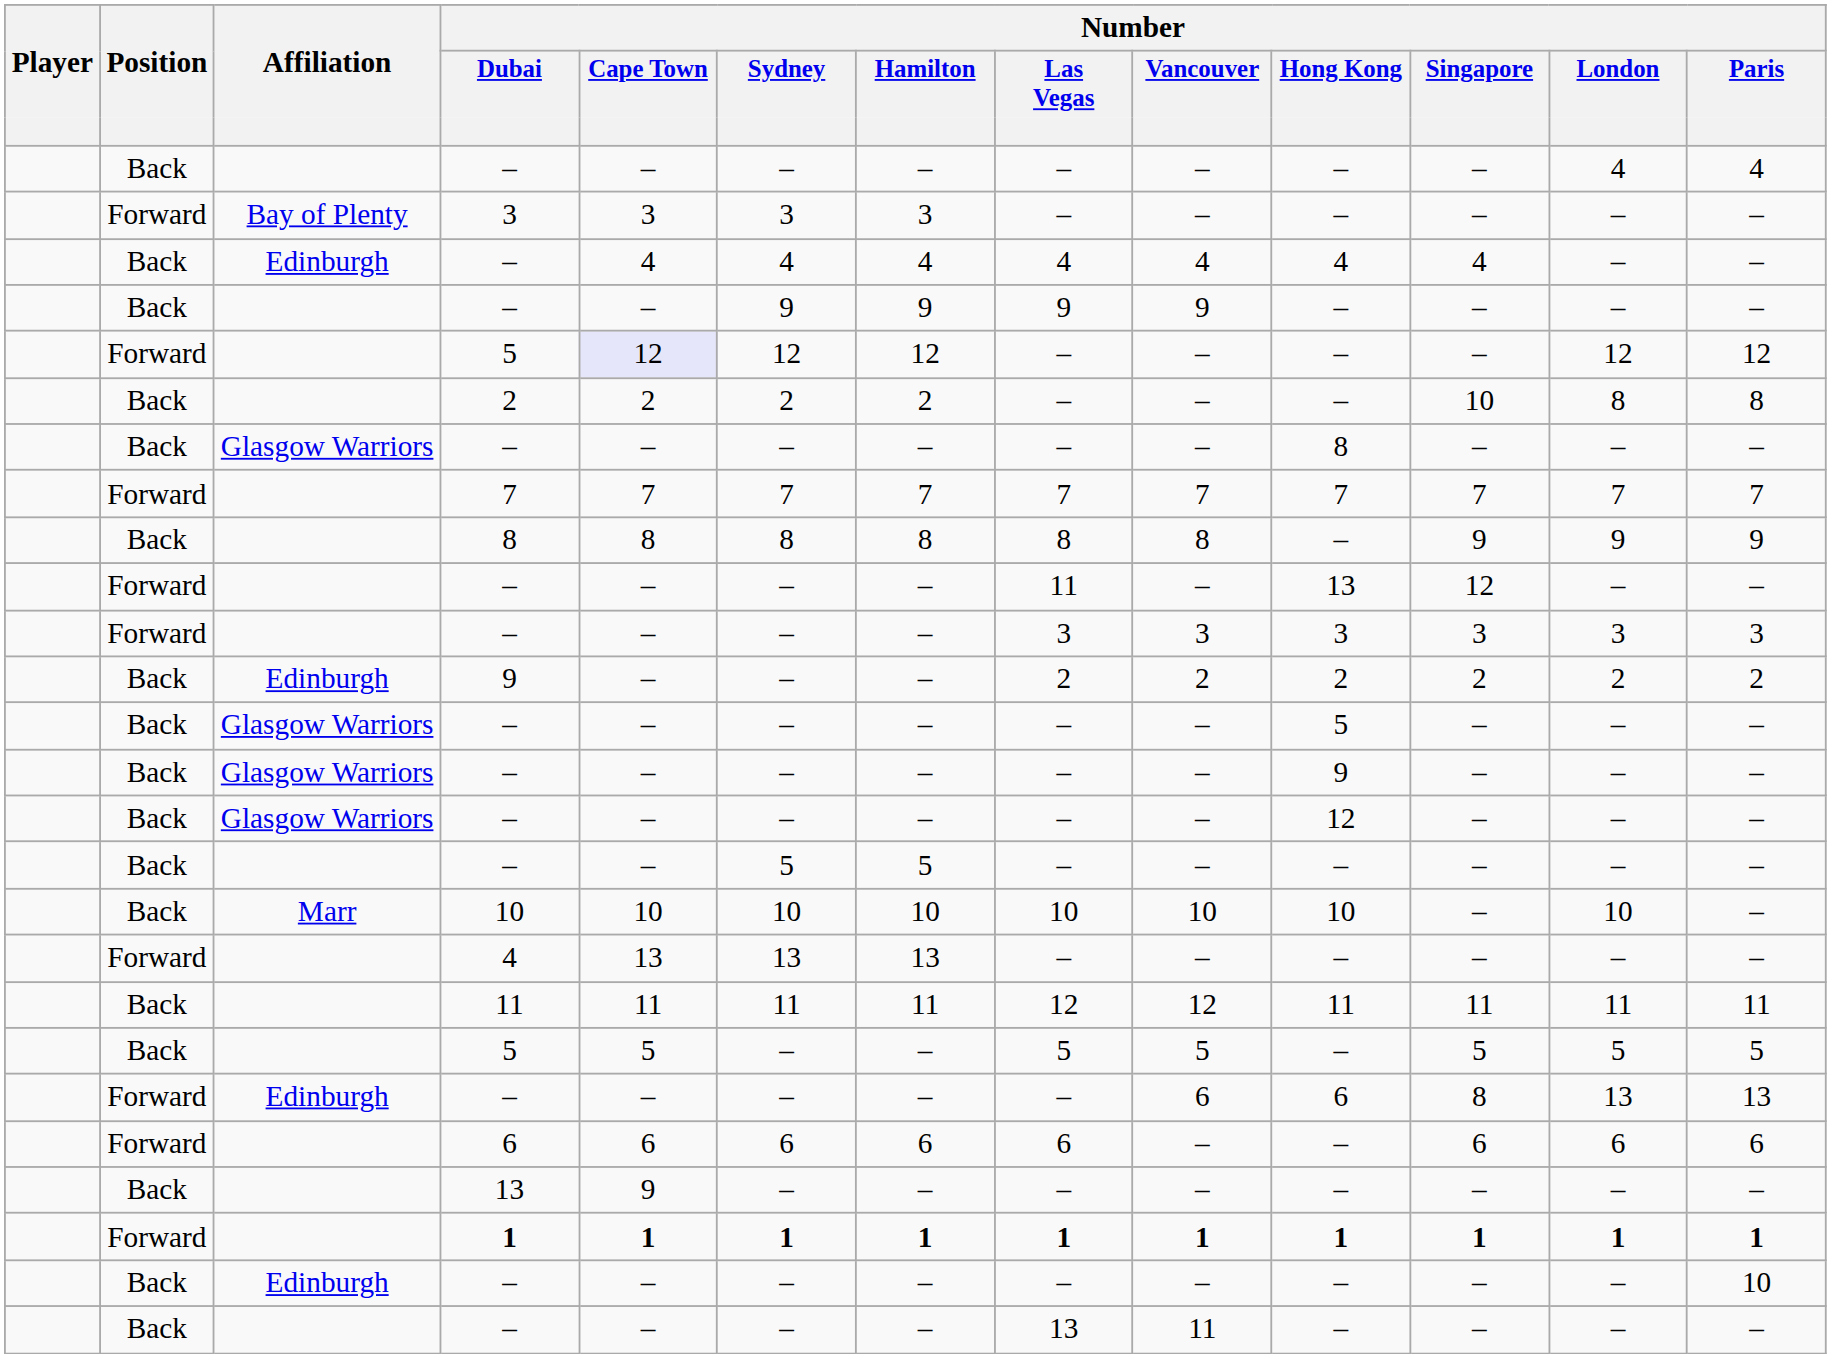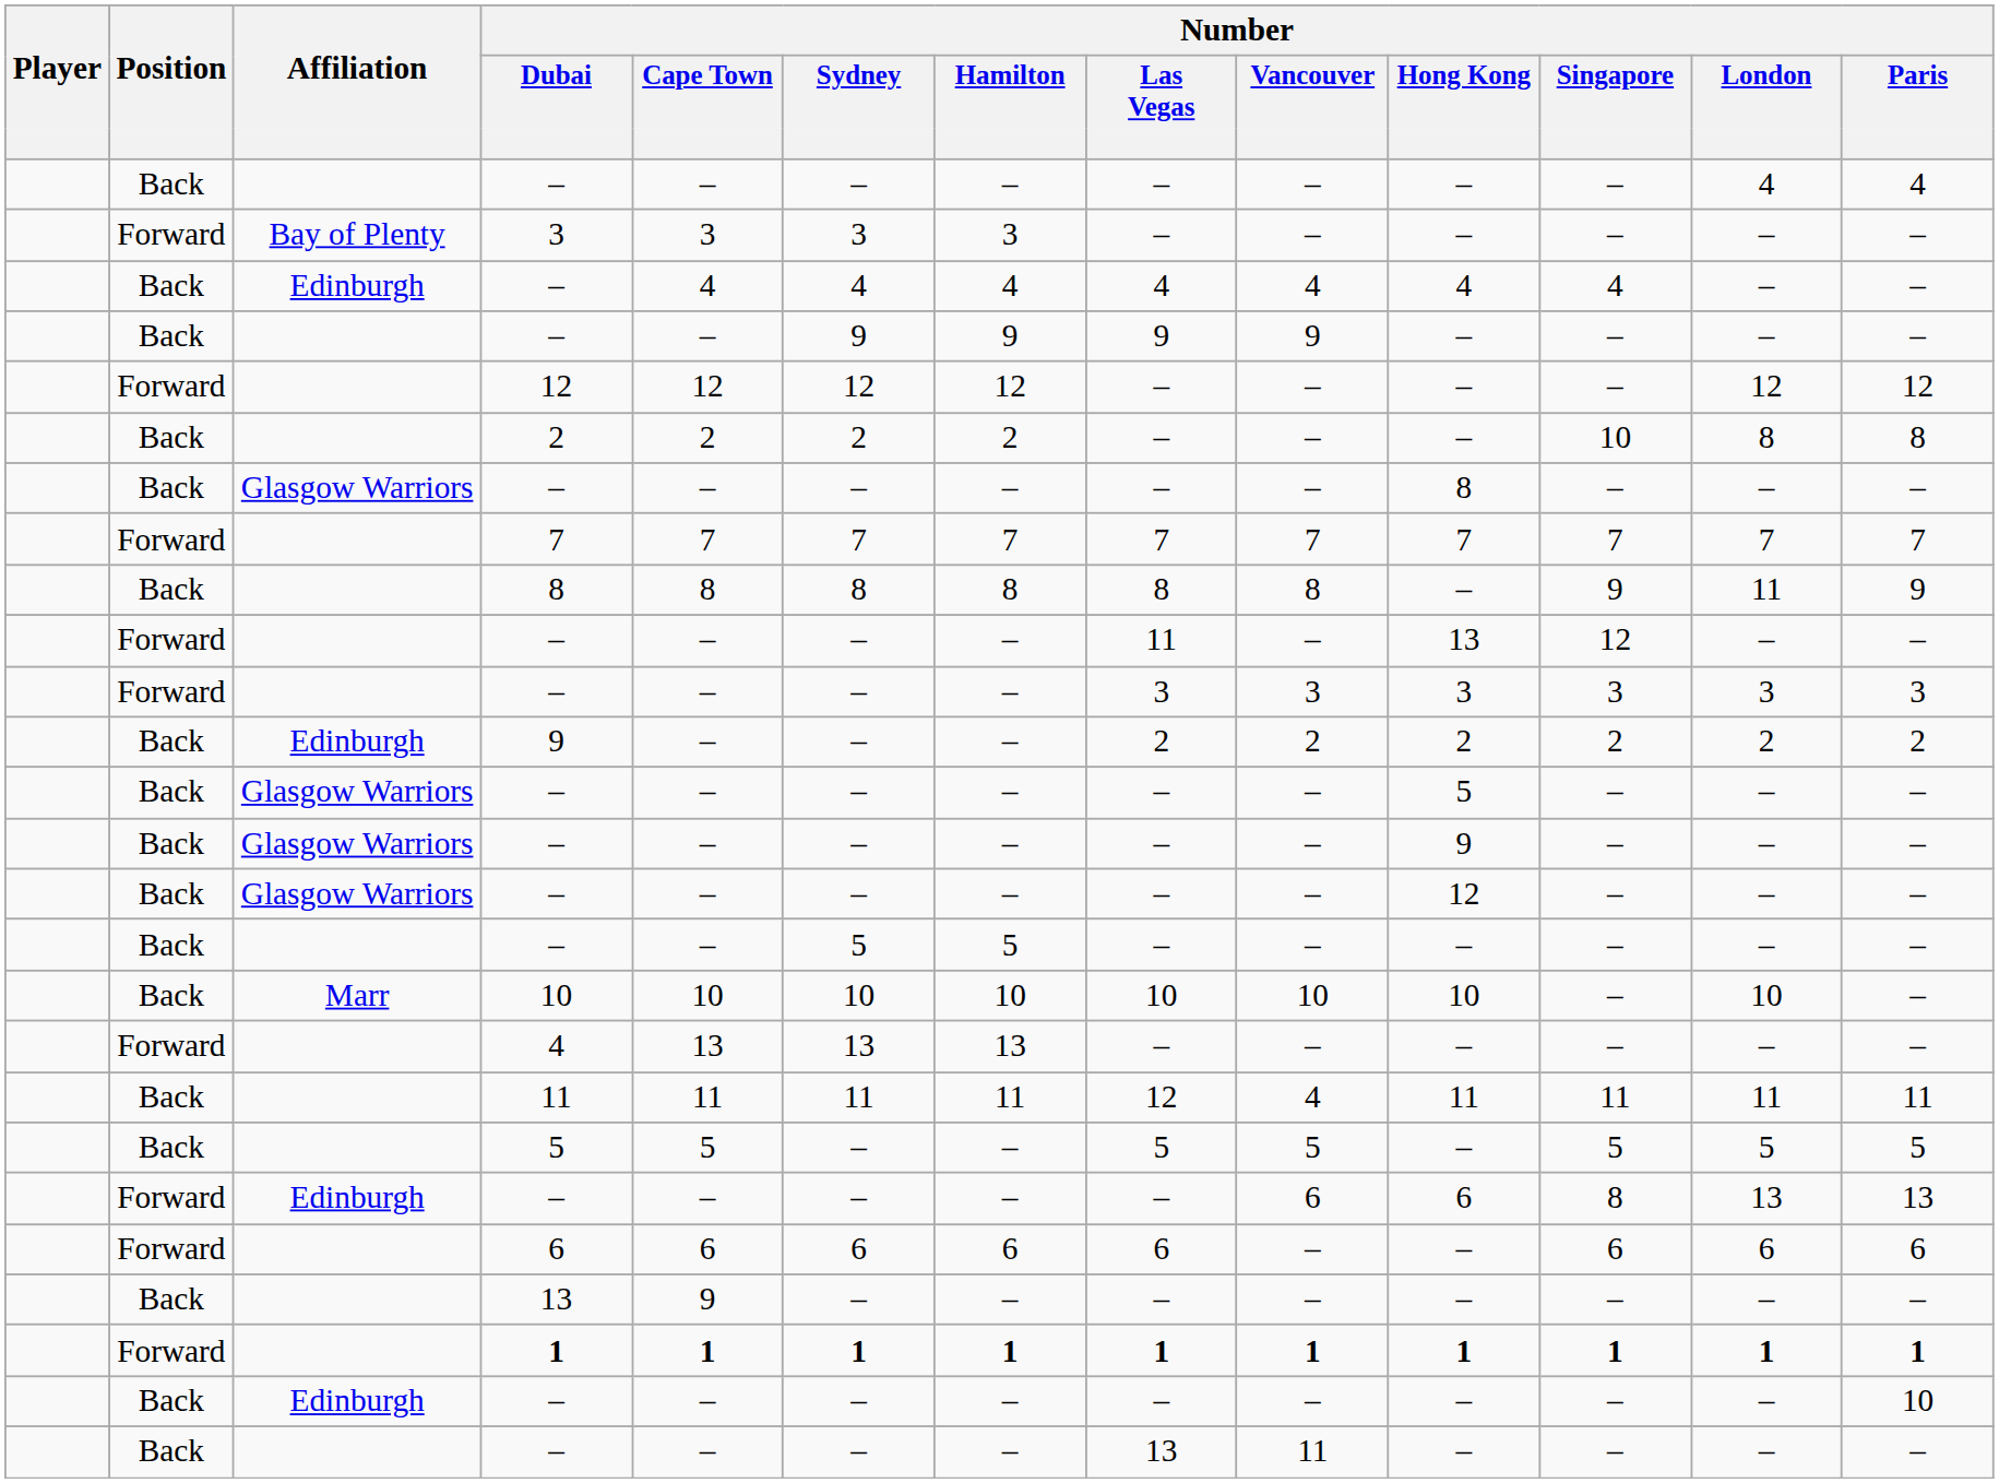 <table class="wikitable sortable" style="text-align:center;">
 <tr>
 <th rowspan=2 style="border-bottom:0px;">Player</th>
 <th rowspan=2 style="border-bottom:0px;">Position</th>
 <th rowspan=2 style="border-bottom:0px;">Affiliation</th>
 <th colspan=10>Number</th>
 </tr>
 <tr>
 <th valign=top style="width:5.2em; border-bottom:0px; padding:2px; font-size:85%;"><a href='#'>Dubai</a></th>
 <th valign=top style="width:5.2em; border-bottom:0px; padding:2px; font-size:85%;"><a href='#'>Cape Town</a></th>
 <th valign=top style="width:5.2em; border-bottom:0px; padding:2px; font-size:85%;"><a href='#'>Sydney</a></th>
 <th valign=top style="width:5.2em; border-bottom:0px; padding:2px; font-size:85%;"><a href='#'>Hamilton</a></th>
 <th valign=top style="width:5.2em; border-bottom:0px; padding:2px; font-size:85%;"><a href='#'>Las<br>Vegas</a></th>
 <th valign=top style="width:5.2em; border-bottom:0px; padding:2px; font-size:85%;"><a href='#'>Vancouver</a></th>
 <th valign=top style="width:5.2em; border-bottom:0px; padding:2px; font-size:85%;"><a href='#'>Hong Kong</a></th>
 <th valign=top style="width:5.2em; border-bottom:0px; padding:2px; font-size:85%;"><a href='#'>Singapore</a></th>
 <th valign=top style="width:5.2em; border-bottom:0px; padding:2px; font-size:85%;"><a href='#'>London</a></th>
 <th valign=top style="width:5.2em; border-bottom:0px; padding:2px; font-size:85%;"><a href='#'>Paris</a></th>
 </tr>
 <tr style="line-height:8px;">
 <th style="border-top:0px;"> </th>
 <th style="border-top:0px;"></th>
 <th style="border-top:0px;"></th>
 <th data-sort-type="number" style="border-top:0px;"></th>
 <th data-sort-type="number" style="border-top:0px;"></th>
 <th data-sort-type="number" style="border-top:0px;"></th>
 <th data-sort-type="number" style="border-top:0px;"></th>
 <th data-sort-type="number" style="border-top:0px;"></th>
 <th data-sort-type="number" style="border-top:0px;"></th>
 <th data-sort-type="number" style="border-top:0px;"></th>
 <th data-sort-type="number" style="border-top:0px;"></th>
 <th data-sort-type="number" style="border-top:0px;"></th>
 <th data-sort-type="number" style="border-top:0px;"></th>
 </tr>
 <tr>
 <td align=left></td>
 <td>Back</td>
 <td></td>
 <td>–</td>
 <td>–</td>
 <td>–</td>
 <td>–</td>
 <td>–</td>
 <td>–</td>
 <td>–</td>
 <td>–</td>
 <td>4</td>
 <td>4</td>
 </tr>
 <tr>
 <td align=left></td>
 <td>Forward</td>
 <td><a href='#'>Bay of Plenty</a></td>
 <td>3</td>
 <td>3</td>
 <td>3</td>
 <td>3</td>
 <td>–</td>
 <td>–</td>
 <td>–</td>
 <td>–</td>
 <td>–</td>
 <td>–</td>
 </tr>
 <tr>
 <td align=left></td>
 <td>Back</td>
 <td><a href='#'>Edinburgh</a></td>
 <td>–</td>
 <td>4</td>
 <td>4</td>
 <td>4</td>
 <td>4</td>
 <td>4</td>
 <td>4</td>
 <td>4</td>
 <td>–</td>
 <td>–</td>
 </tr>
 <tr>
 <td align=left></td>
 <td>Back</td>
 <td></td>
 <td>–</td>
 <td>–</td>
 <td>9</td>
 <td>9</td>
 <td>9</td>
 <td>9</td>
 <td>–</td>
 <td>–</td>
 <td>–</td>
 <td>–</td>
 </tr>
 <tr>
 <td align=left></td>
 <td>Forward</td>
 <td></td>
-<td>5</td>
-<td style="background: lavender;">12</td>
+<td>12</td>
+<td>12</td>
 <td>12</td>
 <td>12</td>
 <td>–</td>
 <td>–</td>
 <td>–</td>
 <td>–</td>
 <td>12</td>
 <td>12</td>
 </tr>
 <tr>
 <td align=left></td>
 <td>Back</td>
 <td></td>
 <td>2</td>
 <td>2</td>
 <td>2</td>
 <td>2</td>
 <td>–</td>
 <td>–</td>
 <td>–</td>
 <td>10</td>
 <td>8</td>
 <td>8</td>
 </tr>
 <tr>
 <td align=left></td>
 <td>Back</td>
 <td><a href='#'>Glasgow Warriors</a></td>
 <td>–</td>
 <td>–</td>
 <td>–</td>
 <td>–</td>
 <td>–</td>
 <td>–</td>
 <td>8</td>
 <td>–</td>
 <td>–</td>
 <td>–</td>
 </tr>
 <tr>
 <td align=left></td>
 <td>Forward</td>
 <td></td>
 <td>7</td>
 <td>7</td>
 <td>7</td>
 <td>7</td>
 <td>7</td>
 <td>7</td>
 <td>7</td>
 <td>7</td>
 <td>7</td>
 <td>7</td>
 </tr>
 <tr>
 <td align=left></td>
 <td>Back</td>
 <td></td>
 <td>8</td>
 <td>8</td>
 <td>8</td>
 <td>8</td>
 <td>8</td>
 <td>8</td>
 <td>–</td>
 <td>9</td>
-<td>9</td>
+<td>11</td>
 <td>9</td>
 </tr>
 <tr>
 <td align=left></td>
 <td>Forward</td>
 <td></td>
 <td>–</td>
 <td>–</td>
 <td>–</td>
 <td>–</td>
 <td>11</td>
 <td>–</td>
 <td>13</td>
 <td>12</td>
 <td>–</td>
 <td>–</td>
 </tr>
 <tr>
 <td align=left></td>
 <td>Forward</td>
 <td></td>
 <td>–</td>
 <td>–</td>
 <td>–</td>
 <td>–</td>
 <td>3</td>
 <td>3</td>
 <td>3</td>
 <td>3</td>
 <td>3</td>
 <td>3</td>
 </tr>
 <tr>
 <td align=left></td>
 <td>Back</td>
 <td><a href='#'>Edinburgh</a></td>
 <td>9</td>
 <td>–</td>
 <td>–</td>
 <td>–</td>
 <td>2</td>
 <td>2</td>
 <td>2</td>
 <td>2</td>
 <td>2</td>
 <td>2</td>
 </tr>
 <tr>
 <td align=left></td>
 <td>Back</td>
 <td><a href='#'>Glasgow Warriors</a></td>
 <td>–</td>
 <td>–</td>
 <td>–</td>
 <td>–</td>
 <td>–</td>
 <td>–</td>
 <td>5</td>
 <td>–</td>
 <td>–</td>
 <td>–</td>
 </tr>
 <tr>
 <td align=left></td>
 <td>Back</td>
 <td><a href='#'>Glasgow Warriors</a></td>
 <td>–</td>
 <td>–</td>
 <td>–</td>
 <td>–</td>
 <td>–</td>
 <td>–</td>
 <td>9</td>
 <td>–</td>
 <td>–</td>
 <td>–</td>
 </tr>
 <tr>
 <td align=left></td>
 <td>Back</td>
 <td><a href='#'>Glasgow Warriors</a></td>
 <td>–</td>
 <td>–</td>
 <td>–</td>
 <td>–</td>
 <td>–</td>
 <td>–</td>
 <td>12</td>
 <td>–</td>
 <td>–</td>
 <td>–</td>
 </tr>
 <tr>
 <td align=left></td>
 <td>Back</td>
 <td></td>
 <td>–</td>
 <td>–</td>
 <td>5</td>
 <td>5</td>
 <td>–</td>
 <td>–</td>
 <td>–</td>
 <td>–</td>
 <td>–</td>
 <td>–</td>
 </tr>
 <tr>
 <td align=left></td>
 <td>Back</td>
 <td><a href='#'>Marr</a></td>
 <td>10</td>
 <td>10</td>
 <td>10</td>
 <td>10</td>
 <td>10</td>
 <td>10</td>
 <td>10</td>
 <td>–</td>
 <td>10</td>
 <td>–</td>
 </tr>
 <tr>
 <td align=left></td>
 <td>Forward</td>
 <td></td>
 <td>4</td>
 <td>13</td>
 <td>13</td>
 <td>13</td>
 <td>–</td>
 <td>–</td>
 <td>–</td>
 <td>–</td>
 <td>–</td>
 <td>–</td>
 </tr>
 <tr>
 <td align=left></td>
 <td>Back</td>
 <td></td>
 <td>11</td>
 <td>11</td>
 <td>11</td>
 <td>11</td>
 <td>12</td>
-<td>12</td>
+<td>4</td>
 <td>11</td>
 <td>11</td>
 <td>11</td>
 <td>11</td>
 </tr>
 <tr>
 <td align=left></td>
 <td>Back</td>
 <td></td>
 <td>5</td>
 <td>5</td>
 <td>–</td>
 <td>–</td>
 <td>5</td>
 <td>5</td>
 <td>–</td>
 <td>5</td>
 <td>5</td>
 <td>5</td>
 </tr>
 <tr>
 <td align=left></td>
 <td>Forward</td>
 <td><a href='#'>Edinburgh</a></td>
 <td>–</td>
 <td>–</td>
 <td>–</td>
 <td>–</td>
 <td>–</td>
 <td>6</td>
 <td>6</td>
 <td>8</td>
 <td>13</td>
 <td>13</td>
 </tr>
 <tr>
 <td align=left></td>
 <td>Forward</td>
 <td></td>
 <td>6</td>
 <td>6</td>
 <td>6</td>
 <td>6</td>
 <td>6</td>
 <td>–</td>
 <td>–</td>
 <td>6</td>
 <td>6</td>
 <td>6</td>
 </tr>
 <tr>
 <td align=left></td>
 <td>Back</td>
 <td></td>
 <td>13</td>
 <td>9</td>
 <td>–</td>
 <td>–</td>
 <td>–</td>
 <td>–</td>
 <td>–</td>
 <td>–</td>
 <td>–</td>
 <td>–</td>
 </tr>
 <tr>
 <td align=left></td>
 <td>Forward</td>
 <td></td>
 <td><strong>1</strong></td>
 <td><strong>1</strong></td>
 <td><strong>1</strong></td>
 <td><strong>1</strong></td>
 <td><strong>1</strong></td>
 <td><strong>1</strong></td>
 <td><strong>1</strong></td>
 <td><strong>1</strong></td>
 <td><strong>1</strong></td>
 <td><strong>1</strong></td>
 </tr>
 <tr>
 <td align=left></td>
 <td>Back</td>
 <td><a href='#'>Edinburgh</a></td>
 <td>–</td>
 <td>–</td>
 <td>–</td>
 <td>–</td>
 <td>–</td>
 <td>–</td>
 <td>–</td>
 <td>–</td>
 <td>–</td>
 <td>10</td>
 </tr>
 <tr>
 <td align=left></td>
 <td>Back</td>
 <td></td>
 <td>–</td>
 <td>–</td>
 <td>–</td>
 <td>–</td>
 <td>13</td>
 <td>11</td>
 <td>–</td>
 <td>–</td>
 <td>–</td>
 <td>–</td>
 </tr>
 </table>
